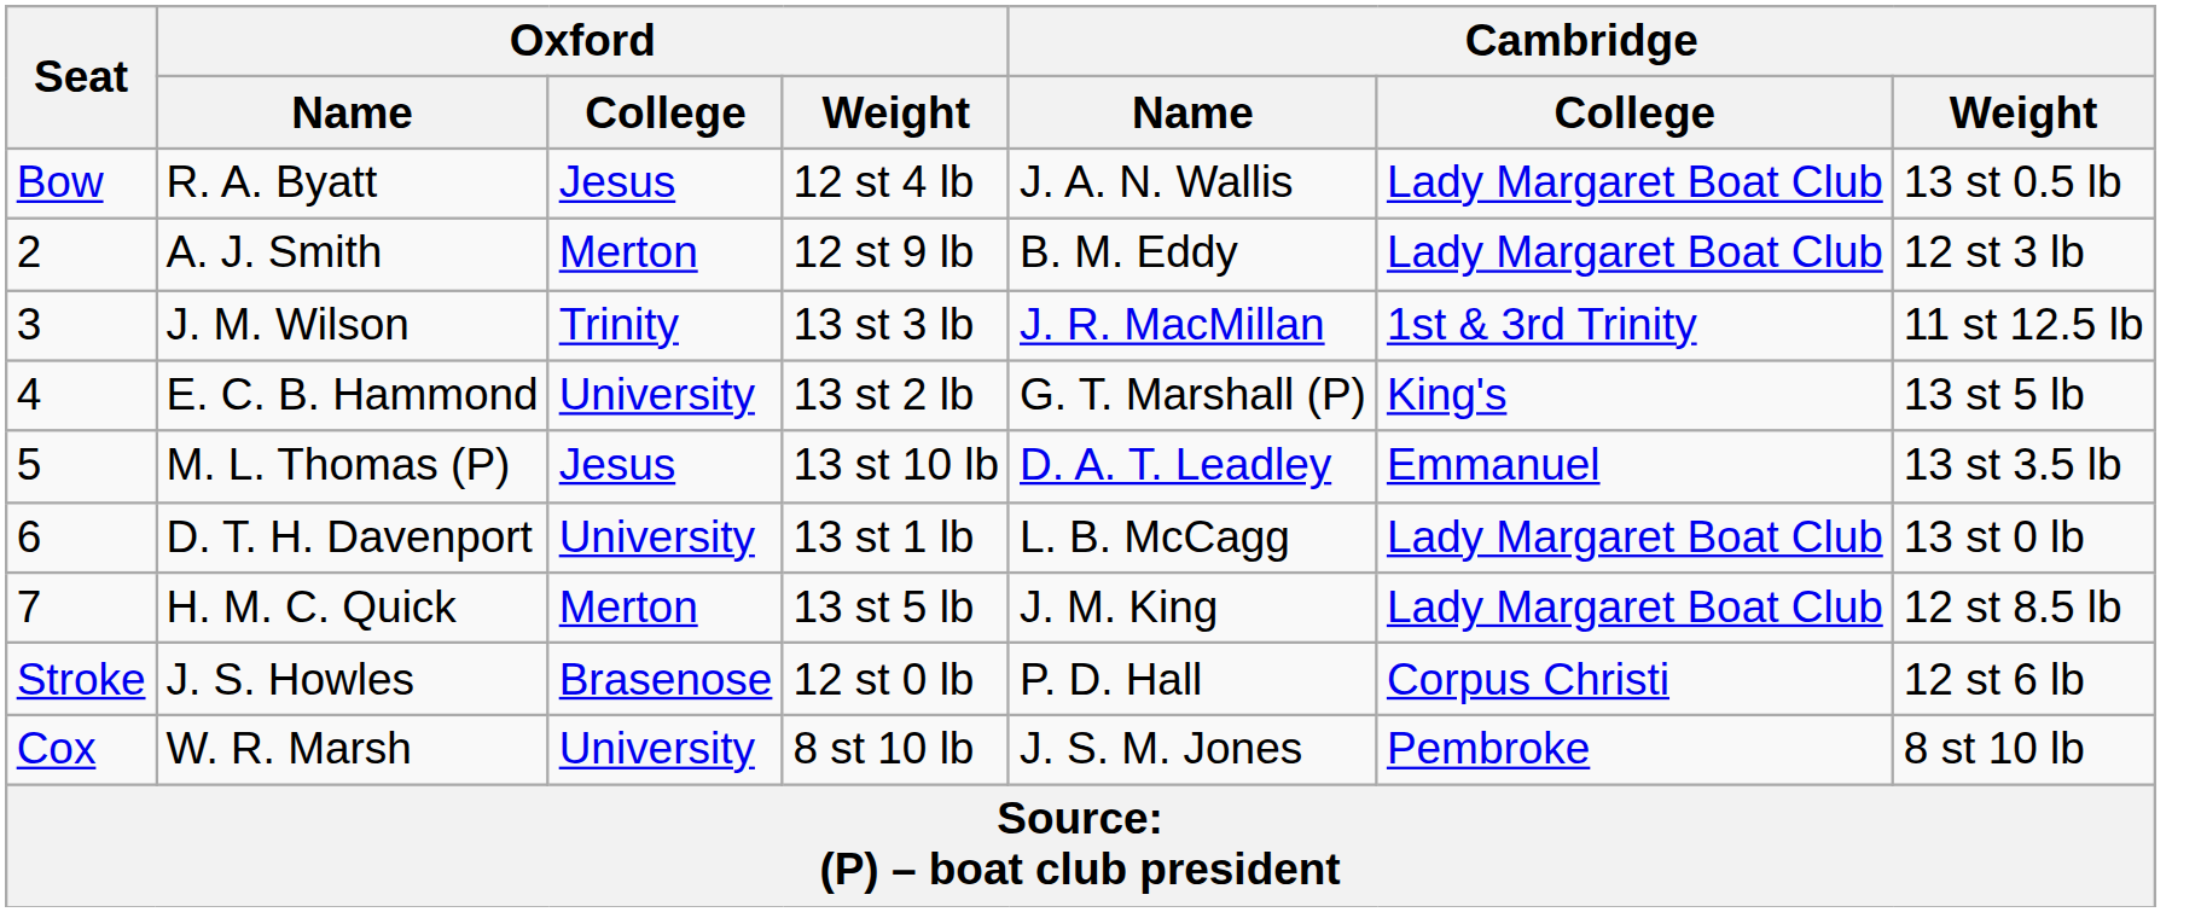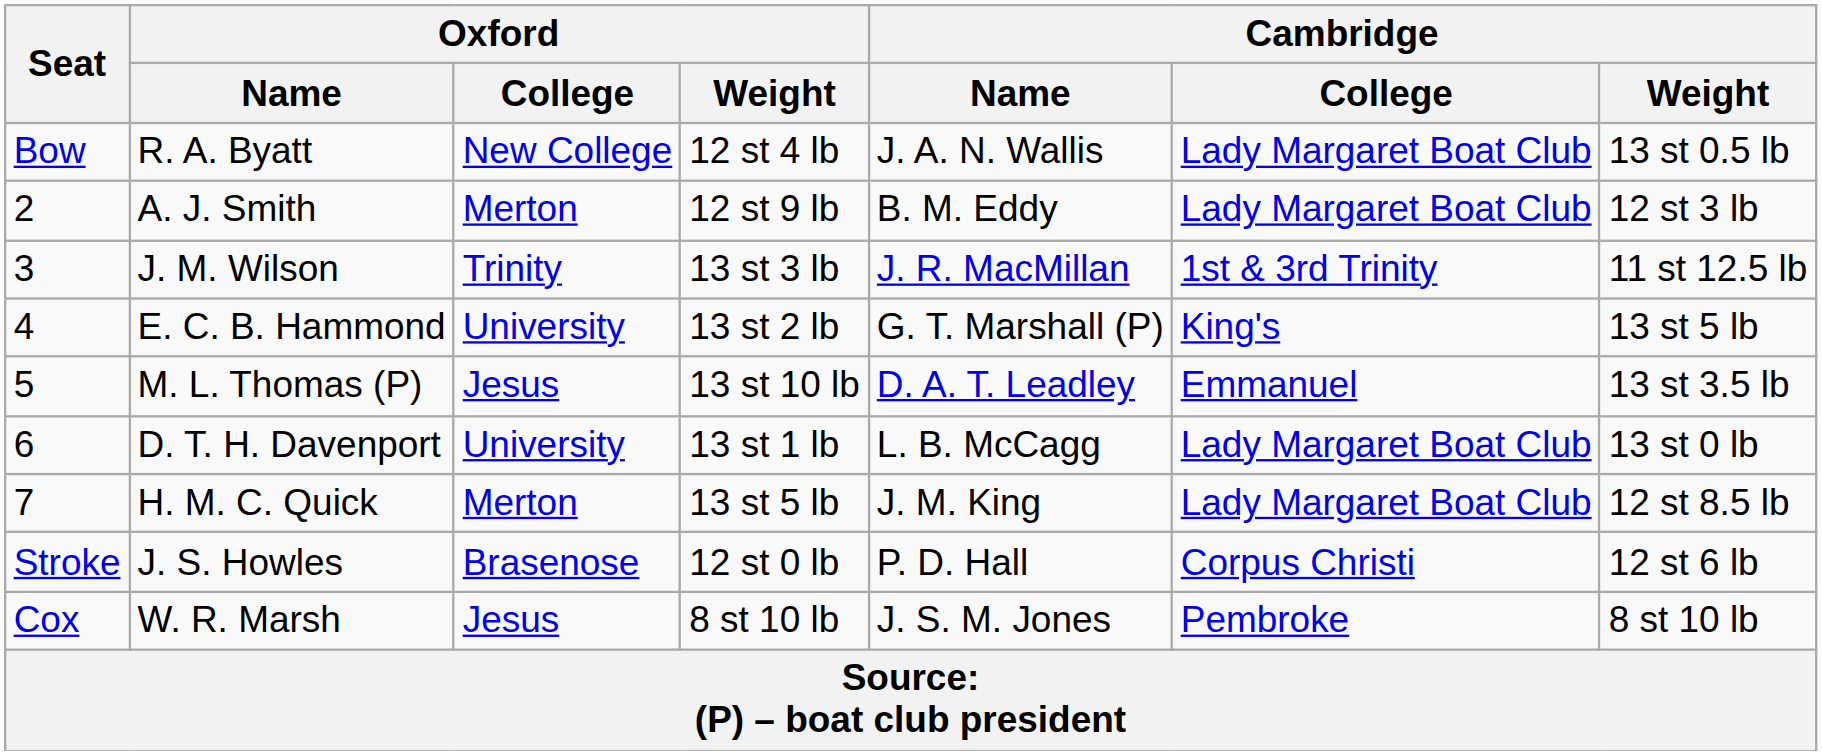 <table class="wikitable">
 <tr>
 <th rowspan="2" scope="col">Seat</th>
 <th colspan="3" scope="col">Oxford <br> </th>
 <th colspan="3" scope="col">Cambridge <br> </th>
 </tr>
 <tr>
 <th>Name</th>
 <th>College</th>
 <th>Weight</th>
 <th>Name</th>
 <th>College</th>
 <th>Weight</th>
 </tr>
 <tr>
 <td><a href='#'>Bow</a></td>
 <td>R. A. Byatt</td>
-<td><a href='#'>Jesus</a></td>
+<td><a href='#'>New College</a></td>
 <td>12 st 4 lb</td>
 <td>J. A. N. Wallis</td>
 <td><a href='#'>Lady Margaret Boat Club</a></td>
 <td>13 st 0.5 lb</td>
 </tr>
 <tr>
 <td>2</td>
 <td>A. J. Smith</td>
 <td><a href='#'>Merton</a></td>
 <td>12 st 9 lb</td>
 <td>B. M. Eddy</td>
 <td><a href='#'>Lady Margaret Boat Club</a></td>
 <td>12 st 3 lb</td>
 </tr>
 <tr>
 <td>3</td>
 <td>J. M. Wilson</td>
 <td><a href='#'>Trinity</a></td>
 <td>13 st 3 lb</td>
 <td><a href='#'>J. R. MacMillan</a></td>
 <td><a href='#'>1st & 3rd Trinity</a></td>
 <td>11 st 12.5 lb</td>
 </tr>
 <tr>
 <td>4</td>
 <td>E. C. B. Hammond</td>
 <td><a href='#'>University</a></td>
 <td>13 st 2 lb</td>
 <td>G. T. Marshall (P)</td>
 <td><a href='#'>King's</a></td>
 <td>13 st 5 lb</td>
 </tr>
 <tr>
 <td>5</td>
 <td>M. L. Thomas (P)</td>
 <td><a href='#'>Jesus</a></td>
 <td>13 st 10 lb</td>
 <td><a href='#'>D. A. T. Leadley</a></td>
 <td><a href='#'>Emmanuel</a></td>
 <td>13 st 3.5 lb</td>
 </tr>
 <tr>
 <td>6</td>
 <td>D. T. H. Davenport</td>
 <td><a href='#'>University</a></td>
 <td>13 st 1 lb</td>
 <td>L. B. McCagg</td>
 <td><a href='#'>Lady Margaret Boat Club</a></td>
 <td>13 st 0 lb</td>
 </tr>
 <tr>
 <td>7</td>
 <td>H. M. C. Quick</td>
 <td><a href='#'>Merton</a></td>
 <td>13 st 5 lb</td>
 <td>J. M. King</td>
 <td><a href='#'>Lady Margaret Boat Club</a></td>
 <td>12 st 8.5 lb</td>
 </tr>
 <tr>
 <td><a href='#'>Stroke</a></td>
 <td>J. S. Howles</td>
 <td><a href='#'>Brasenose</a></td>
 <td>12 st 0 lb</td>
 <td>P. D. Hall</td>
 <td><a href='#'>Corpus Christi</a></td>
 <td>12 st 6 lb</td>
 </tr>
 <tr>
 <td><a href='#'>Cox</a></td>
 <td>W. R. Marsh</td>
-<td><a href='#'>University</a></td>
+<td><a href='#'>Jesus</a></td>
 <td>8 st 10 lb</td>
 <td>J. S. M. Jones</td>
 <td><a href='#'>Pembroke</a></td>
 <td>8 st 10 lb</td>
 </tr>
 <tr>
 <th colspan="7">Source:<br>(P) – boat club president</th>
 </tr>
 </table>
